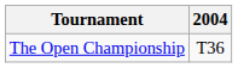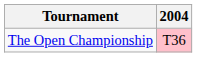 <table class="wikitable" style="font-size:95%;text-align:center;">
 <tr>
 <th>Tournament</th>
 <th>2004</th>
 </tr>
 <tr>
 <td align=left><a href='#'>The Open Championship</a></td>
-<td>T36</td>
+<td style="background: pink;">T36</td>
 </tr>
 </table>
